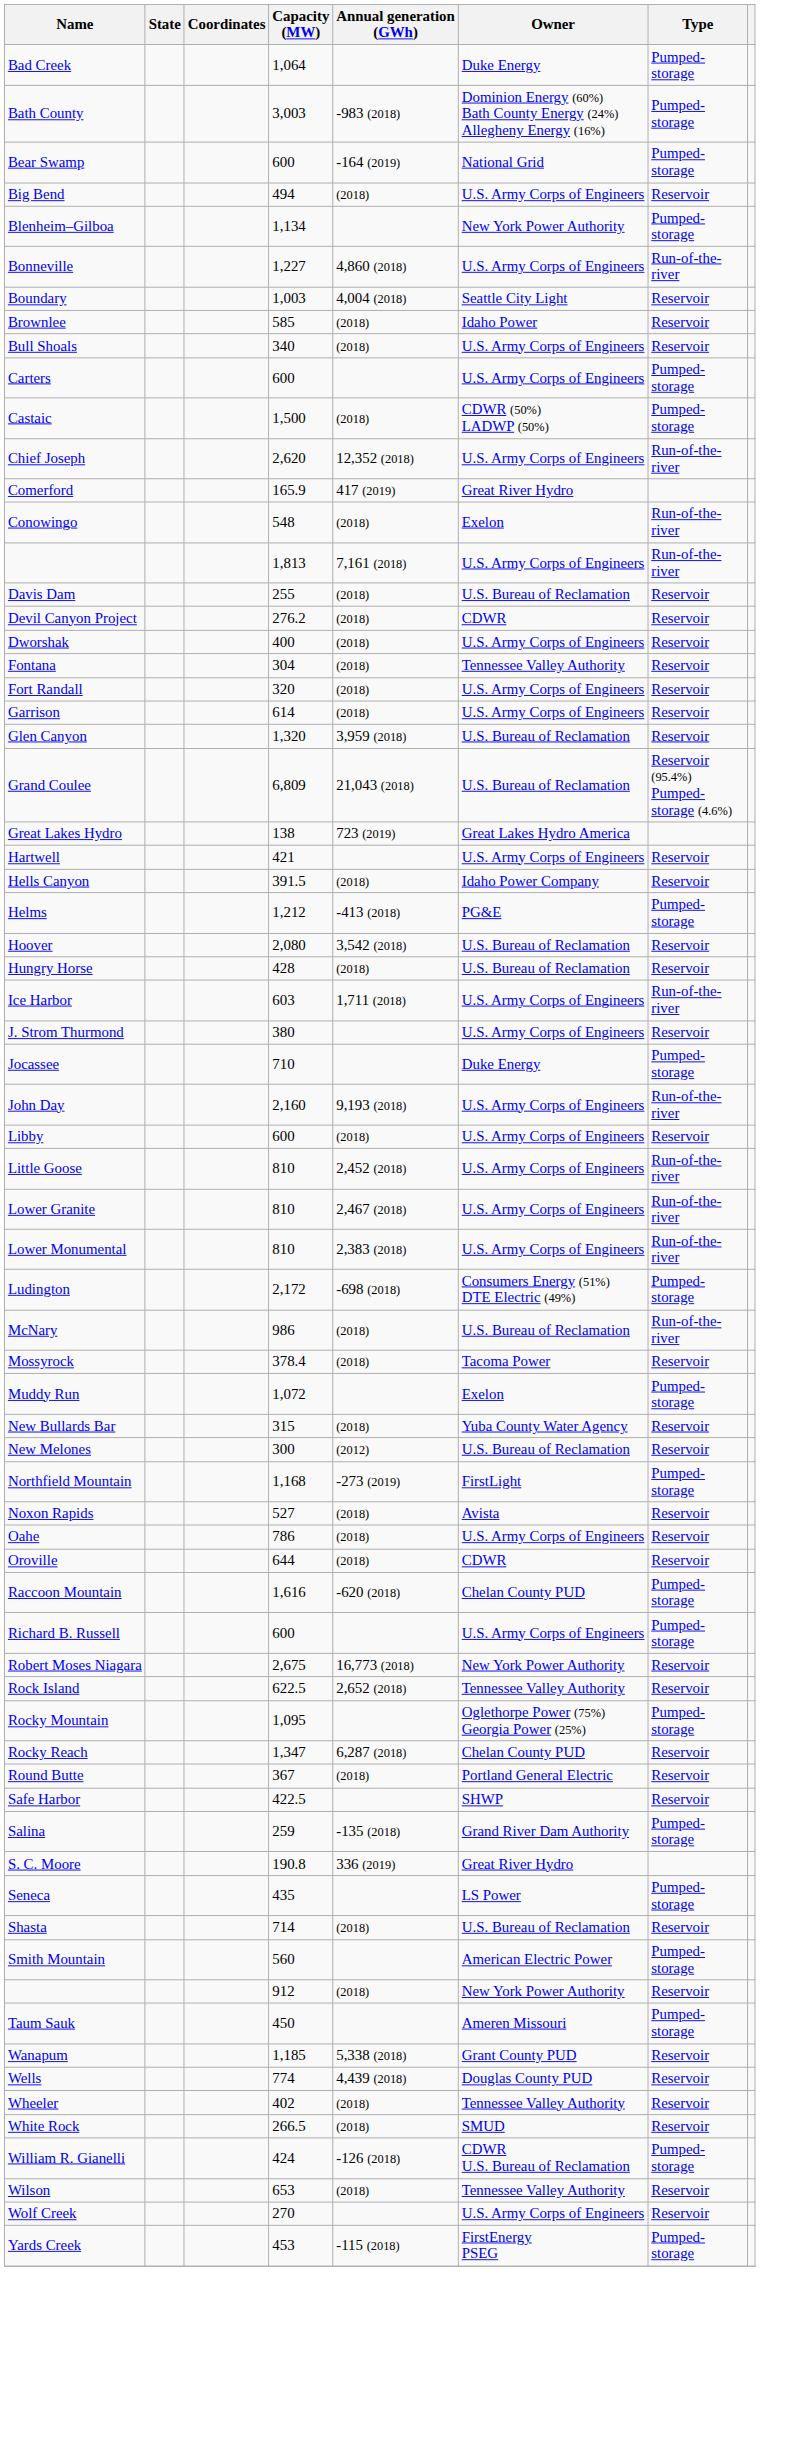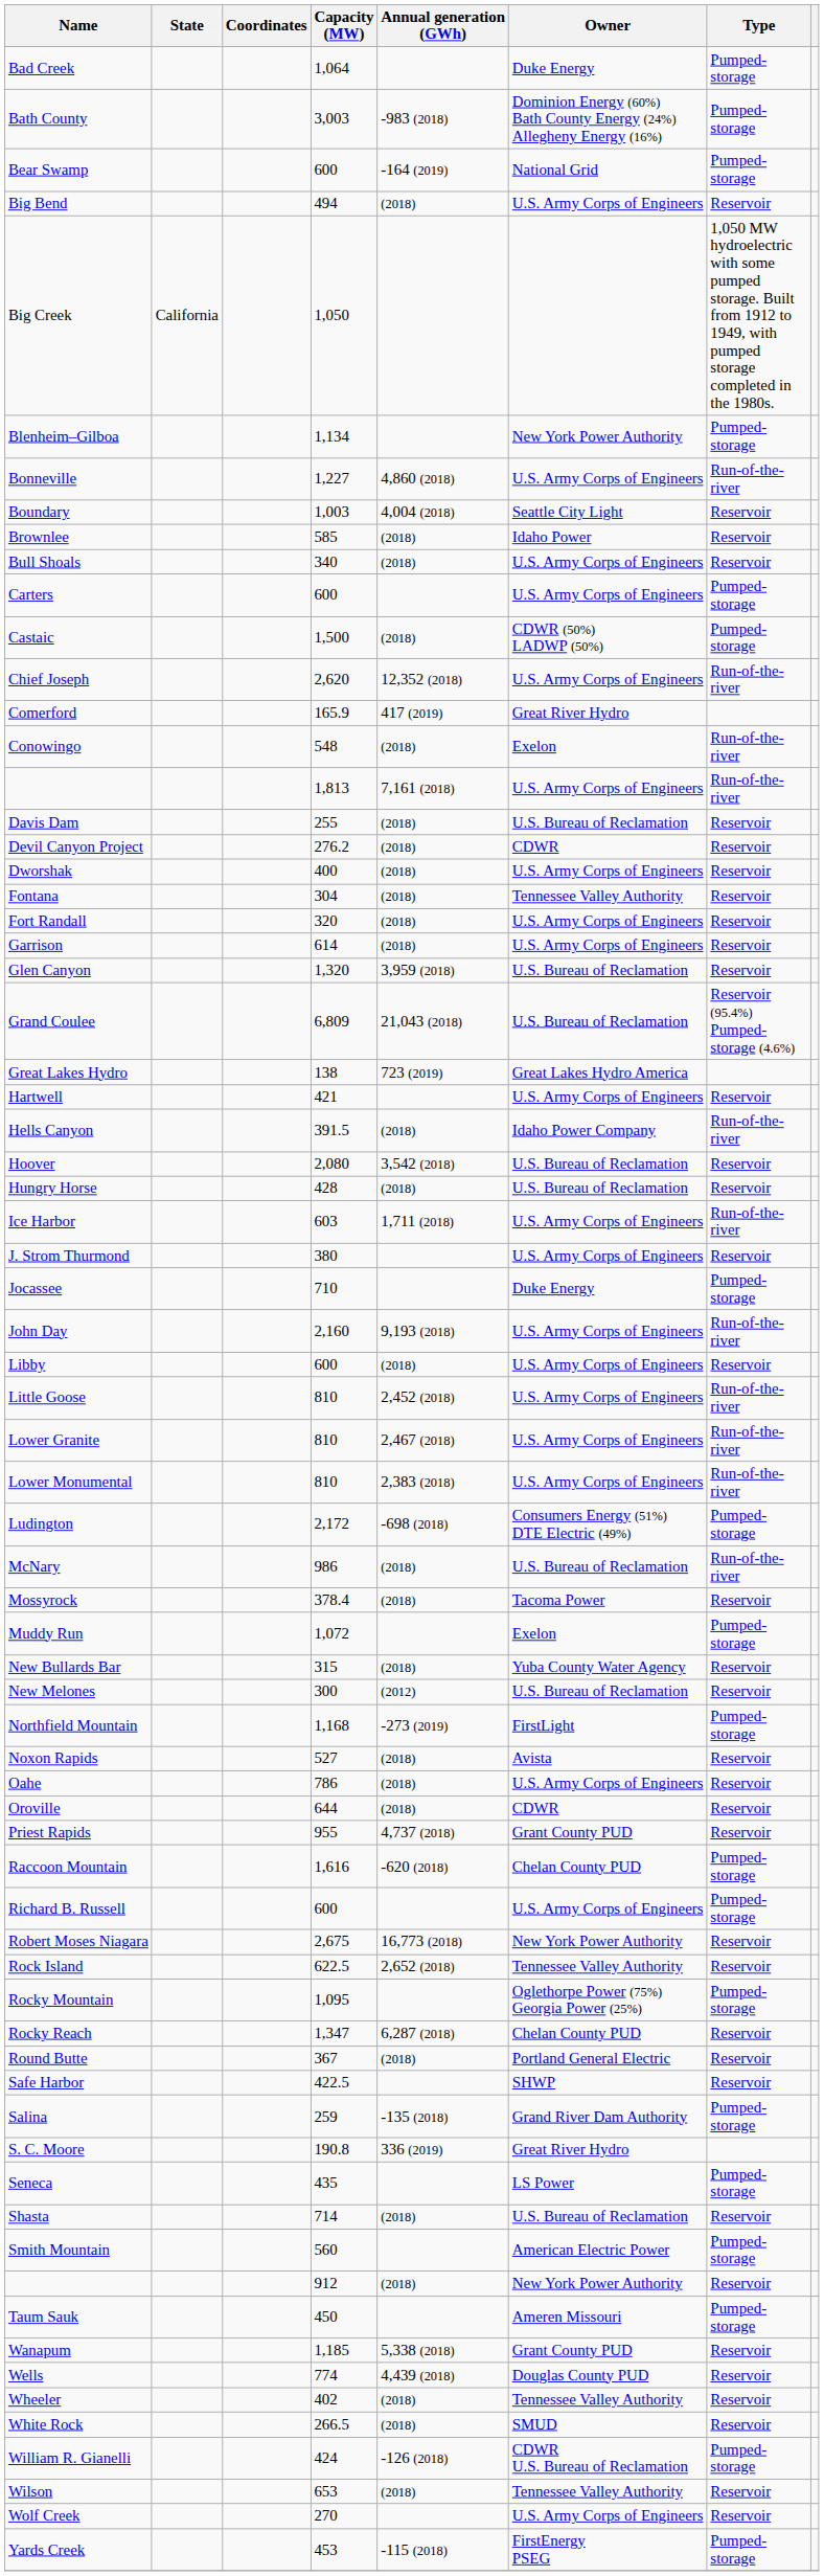 <table class="wikitable sortable">
 <tr>
 <th>Name</th>
 <th>State</th>
 <th>Coordinates</th>
 <th>Capacity<br>(<a href='#'>MW</a>)</th>
 <th>Annual generation<br>(<a href='#'>GWh</a>)</th>
 <th>Owner</th>
 <th style="width: 100px">Type</th>
 <th class="unsortable"></th>
 </tr>
 <tr>
 <td><a href='#'>Bad Creek</a></td>
 <td></td>
 <td></td>
 <td>1,064</td>
 <td></td>
 <td><a href='#'>Duke Energy</a></td>
 <td><a href='#'>Pumped-storage</a></td>
 <td></td>
 </tr>
 <tr>
 <td><a href='#'>Bath County</a></td>
 <td></td>
 <td></td>
 <td>3,003</td>
 <td>-983 <small>(2018)</small></td>
 <td><a href='#'>Dominion Energy</a> <small>(60%)</small><br><a href='#'>Bath County Energy</a> <small>(24%)</small><br><a href='#'>Allegheny Energy</a> <small>(16%)</small></td>
 <td><a href='#'>Pumped-storage</a></td>
 <td></td>
 </tr>
 <tr>
 <td><a href='#'>Bear Swamp</a></td>
 <td></td>
 <td></td>
 <td>600</td>
 <td>-164 <small>(2019)</small></td>
 <td><a href='#'>National Grid</a></td>
 <td><a href='#'>Pumped-storage</a></td>
 <td></td>
 </tr>
 <tr>
 <td><a href='#'>Big Bend</a></td>
 <td></td>
 <td></td>
 <td>494</td>
 <td> <small>(2018)</small></td>
 <td><a href='#'>U.S. Army Corps of Engineers</a></td>
 <td><a href='#'>Reservoir</a></td>
+<td></td>
+</tr>
+<tr>
+<td>Big Creek</td>
+<td>California</td>
+<td></td>
+<td>1,050</td>
+<td></td>
+<td></td>
+<td>1,050 MW hydroelectric with some pumped storage. Built from 1912 to 1949, with pumped storage completed in the 1980s.</td>
 <td></td>
 </tr>
 <tr>
 <td><a href='#'>Blenheim–Gilboa</a></td>
 <td></td>
 <td></td>
 <td>1,134</td>
 <td></td>
 <td><a href='#'>New York Power Authority</a></td>
 <td><a href='#'>Pumped-storage</a></td>
 <td></td>
 </tr>
 <tr>
 <td><a href='#'>Bonneville</a></td>
 <td><br></td>
 <td></td>
 <td>1,227</td>
 <td>4,860 <small>(2018)</small></td>
 <td><a href='#'>U.S. Army Corps of Engineers</a></td>
 <td><a href='#'>Run-of-the-river</a></td>
 <td></td>
 </tr>
 <tr>
 <td><a href='#'>Boundary</a></td>
 <td></td>
 <td></td>
 <td>1,003</td>
 <td>4,004 <small>(2018)</small></td>
 <td><a href='#'>Seattle City Light</a></td>
 <td><a href='#'>Reservoir</a></td>
 <td></td>
 </tr>
 <tr>
 <td><a href='#'>Brownlee</a></td>
 <td><br></td>
 <td></td>
 <td>585</td>
 <td> <small>(2018)</small></td>
 <td><a href='#'>Idaho Power</a></td>
 <td><a href='#'>Reservoir</a></td>
 <td></td>
 </tr>
 <tr>
 <td><a href='#'>Bull Shoals</a></td>
 <td></td>
 <td></td>
 <td>340</td>
 <td> <small>(2018)</small></td>
 <td><a href='#'>U.S. Army Corps of Engineers</a></td>
 <td><a href='#'>Reservoir</a></td>
 <td></td>
 </tr>
 <tr>
 <td><a href='#'>Carters</a></td>
 <td></td>
 <td></td>
 <td>600</td>
 <td></td>
 <td><a href='#'>U.S. Army Corps of Engineers</a></td>
 <td><a href='#'>Pumped-storage</a></td>
 <td></td>
 </tr>
 <tr>
 <td><a href='#'>Castaic</a></td>
 <td></td>
 <td></td>
 <td>1,500</td>
 <td> <small>(2018)</small></td>
 <td><a href='#'>CDWR</a> <small>(50%)</small><br><a href='#'>LADWP</a> <small>(50%)</small></td>
 <td><a href='#'>Pumped-storage</a></td>
 <td></td>
 </tr>
 <tr>
 <td><a href='#'>Chief Joseph</a></td>
 <td></td>
 <td></td>
 <td>2,620</td>
 <td>12,352 <small>(2018)</small></td>
 <td><a href='#'>U.S. Army Corps of Engineers</a></td>
 <td><a href='#'>Run-of-the-river</a></td>
 <td></td>
 </tr>
 <tr>
 <td><a href='#'>Comerford</a></td>
 <td></td>
 <td></td>
 <td>165.9</td>
 <td>417 <small>(2019)</small></td>
 <td><a href='#'>Great River Hydro</a></td>
 <td></td>
 <td></td>
 </tr>
 <tr>
 <td><a href='#'>Conowingo</a></td>
 <td></td>
 <td></td>
 <td>548</td>
 <td> <small>(2018)</small></td>
 <td><a href='#'>Exelon</a></td>
 <td><a href='#'>Run-of-the-river</a></td>
 <td></td>
 </tr>
 <tr>
 <td></td>
 <td><br></td>
 <td></td>
 <td>1,813</td>
 <td>7,161 <small>(2018)</small></td>
 <td><a href='#'>U.S. Army Corps of Engineers</a></td>
 <td><a href='#'>Run-of-the-river</a></td>
 <td></td>
 </tr>
 <tr>
 <td><a href='#'>Davis Dam</a></td>
 <td><br></td>
 <td></td>
 <td>255</td>
 <td> <small>(2018)</small></td>
 <td><a href='#'>U.S. Bureau of Reclamation</a></td>
 <td><a href='#'>Reservoir</a></td>
 <td></td>
 </tr>
 <tr>
 <td><a href='#'>Devil Canyon Project</a></td>
 <td></td>
 <td></td>
 <td>276.2</td>
 <td> <small>(2018)</small></td>
 <td><a href='#'>CDWR</a></td>
 <td><a href='#'>Reservoir</a></td>
 <td></td>
 </tr>
 <tr>
 <td><a href='#'>Dworshak</a></td>
 <td></td>
 <td></td>
 <td>400</td>
 <td> <small>(2018)</small></td>
 <td><a href='#'>U.S. Army Corps of Engineers</a></td>
 <td><a href='#'>Reservoir</a></td>
 <td></td>
 </tr>
 <tr>
 <td><a href='#'>Fontana</a></td>
 <td></td>
 <td></td>
 <td>304</td>
 <td> <small>(2018)</small></td>
 <td><a href='#'>Tennessee Valley Authority</a></td>
 <td><a href='#'>Reservoir</a></td>
 <td></td>
 </tr>
 <tr>
 <td><a href='#'>Fort Randall</a></td>
 <td></td>
 <td></td>
 <td>320</td>
 <td> <small>(2018)</small></td>
 <td><a href='#'>U.S. Army Corps of Engineers</a></td>
 <td><a href='#'>Reservoir</a></td>
 <td></td>
 </tr>
 <tr>
 <td><a href='#'>Garrison</a></td>
 <td></td>
 <td></td>
 <td>614</td>
 <td> <small>(2018)</small></td>
 <td><a href='#'>U.S. Army Corps of Engineers</a></td>
 <td><a href='#'>Reservoir</a></td>
 <td></td>
 </tr>
 <tr>
 <td><a href='#'>Glen Canyon</a></td>
 <td></td>
 <td></td>
 <td>1,320</td>
 <td>3,959 <small>(2018)</small></td>
 <td><a href='#'>U.S. Bureau of Reclamation</a></td>
 <td><a href='#'>Reservoir</a></td>
 <td></td>
 </tr>
 <tr>
 <td><a href='#'>Grand Coulee</a></td>
 <td></td>
 <td></td>
 <td>6,809</td>
 <td>21,043 <small>(2018)</small></td>
 <td><a href='#'>U.S. Bureau of Reclamation</a></td>
 <td><a href='#'>Reservoir</a> <small>(95.4%)</small><br><a href='#'>Pumped-storage</a> <small>(4.6%)</small></td>
 <td></td>
 </tr>
 <tr>
 <td><a href='#'>Great Lakes Hydro</a></td>
 <td></td>
 <td></td>
 <td>138</td>
 <td>723 <small>(2019)</small></td>
 <td><a href='#'>Great Lakes Hydro America</a></td>
 <td></td>
 <td></td>
 </tr>
 <tr>
 <td><a href='#'>Hartwell</a></td>
 <td></td>
 <td></td>
 <td>421</td>
 <td></td>
 <td><a href='#'>U.S. Army Corps of Engineers</a></td>
 <td><a href='#'>Reservoir</a></td>
 <td></td>
 </tr>
 <tr>
 <td><a href='#'>Hells Canyon</a></td>
 <td><br></td>
 <td></td>
 <td>391.5</td>
 <td> <small>(2018)</small></td>
 <td><a href='#'>Idaho Power Company</a></td>
-<td><a href='#'>Reservoir</a></td>
-<td></td>
-</tr>
-<tr>
-<td><a href='#'>Helms</a></td>
-<td></td>
-<td></td>
-<td>1,212</td>
-<td>-413 <small>(2018)</small></td>
-<td><a href='#'>PG&E</a></td>
-<td><a href='#'>Pumped-storage</a></td>
+<td><a href='#'>Run-of-the-river</a></td>
 <td></td>
 </tr>
 <tr>
 <td><a href='#'>Hoover</a></td>
 <td><br></td>
 <td></td>
 <td>2,080</td>
 <td>3,542 <small>(2018)</small></td>
 <td><a href='#'>U.S. Bureau of Reclamation</a></td>
 <td><a href='#'>Reservoir</a></td>
 <td></td>
 </tr>
 <tr>
 <td><a href='#'>Hungry Horse</a></td>
 <td></td>
 <td></td>
 <td>428</td>
 <td> <small>(2018)</small></td>
 <td><a href='#'>U.S. Bureau of Reclamation</a></td>
 <td><a href='#'>Reservoir</a></td>
 <td></td>
 </tr>
 <tr>
 <td><a href='#'>Ice Harbor</a></td>
 <td></td>
 <td></td>
 <td>603</td>
 <td>1,711 <small>(2018)</small></td>
 <td><a href='#'>U.S. Army Corps of Engineers</a></td>
 <td><a href='#'>Run-of-the-river</a></td>
 <td></td>
 </tr>
 <tr>
 <td><a href='#'>J. Strom Thurmond</a></td>
 <td></td>
 <td></td>
 <td>380</td>
 <td></td>
 <td><a href='#'>U.S. Army Corps of Engineers</a></td>
 <td><a href='#'>Reservoir</a></td>
 <td></td>
 </tr>
 <tr>
 <td><a href='#'>Jocassee</a></td>
 <td></td>
 <td></td>
 <td>710</td>
 <td></td>
 <td><a href='#'>Duke Energy</a></td>
 <td><a href='#'>Pumped-storage</a></td>
 <td></td>
 </tr>
 <tr>
 <td><a href='#'>John Day</a></td>
 <td><br></td>
 <td></td>
 <td>2,160</td>
 <td>9,193 <small>(2018)</small></td>
 <td><a href='#'>U.S. Army Corps of Engineers</a></td>
 <td><a href='#'>Run-of-the-river</a></td>
 <td></td>
 </tr>
 <tr>
 <td><a href='#'>Libby</a></td>
 <td></td>
 <td></td>
 <td>600</td>
 <td> <small>(2018)</small></td>
 <td><a href='#'>U.S. Army Corps of Engineers</a></td>
 <td><a href='#'>Reservoir</a></td>
 <td></td>
 </tr>
 <tr>
 <td><a href='#'>Little Goose</a></td>
 <td></td>
 <td></td>
 <td>810</td>
 <td>2,452 <small>(2018)</small></td>
 <td><a href='#'>U.S. Army Corps of Engineers</a></td>
 <td><a href='#'>Run-of-the-river</a></td>
 <td></td>
 </tr>
 <tr>
 <td><a href='#'>Lower Granite</a></td>
 <td></td>
 <td></td>
 <td>810</td>
 <td>2,467 <small>(2018)</small></td>
 <td><a href='#'>U.S. Army Corps of Engineers</a></td>
 <td><a href='#'>Run-of-the-river</a></td>
 <td></td>
 </tr>
 <tr>
 <td><a href='#'>Lower Monumental</a></td>
 <td></td>
 <td></td>
 <td>810</td>
 <td>2,383 <small>(2018)</small></td>
 <td><a href='#'>U.S. Army Corps of Engineers</a></td>
 <td><a href='#'>Run-of-the-river</a></td>
 <td></td>
 </tr>
 <tr>
 <td><a href='#'>Ludington</a></td>
 <td></td>
 <td></td>
 <td>2,172</td>
 <td>-698 <small>(2018)</small></td>
 <td><a href='#'>Consumers Energy</a> <small>(51%)</small><br><a href='#'>DTE Electric</a> <small>(49%)</small></td>
 <td><a href='#'>Pumped-storage</a></td>
 <td></td>
 </tr>
 <tr>
 <td><a href='#'>McNary</a></td>
 <td><br></td>
 <td></td>
 <td>986</td>
 <td> <small>(2018)</small></td>
 <td><a href='#'>U.S. Bureau of Reclamation</a></td>
 <td><a href='#'>Run-of-the-river</a></td>
 <td></td>
 </tr>
 <tr>
 <td><a href='#'>Mossyrock</a></td>
 <td></td>
 <td></td>
 <td>378.4</td>
 <td> <small>(2018)</small></td>
 <td><a href='#'>Tacoma Power</a></td>
 <td><a href='#'>Reservoir</a></td>
 <td></td>
 </tr>
 <tr>
 <td><a href='#'>Muddy Run</a></td>
 <td></td>
 <td></td>
 <td>1,072</td>
 <td></td>
 <td><a href='#'>Exelon</a></td>
 <td><a href='#'>Pumped-storage</a></td>
 <td></td>
 </tr>
 <tr>
 <td><a href='#'>New Bullards Bar</a></td>
 <td></td>
 <td></td>
 <td>315</td>
 <td> <small>(2018)</small></td>
 <td><a href='#'>Yuba County Water Agency</a></td>
 <td><a href='#'>Reservoir</a></td>
 <td></td>
 </tr>
 <tr>
 <td><a href='#'>New Melones</a></td>
 <td></td>
 <td></td>
 <td>300</td>
 <td> <small>(2012)</small></td>
 <td><a href='#'>U.S. Bureau of Reclamation</a></td>
 <td><a href='#'>Reservoir</a></td>
 <td></td>
 </tr>
 <tr>
 <td><a href='#'>Northfield Mountain</a></td>
 <td></td>
 <td></td>
 <td>1,168</td>
 <td>-273 <small>(2019)</small></td>
 <td><a href='#'>FirstLight</a></td>
 <td><a href='#'>Pumped-storage</a></td>
 <td></td>
 </tr>
 <tr>
 <td><a href='#'>Noxon Rapids</a></td>
 <td></td>
 <td></td>
 <td>527</td>
 <td> <small>(2018)</small></td>
 <td><a href='#'>Avista</a></td>
 <td><a href='#'>Reservoir</a></td>
 <td></td>
 </tr>
 <tr>
 <td><a href='#'>Oahe</a></td>
 <td></td>
 <td></td>
 <td>786</td>
 <td> <small>(2018)</small></td>
 <td><a href='#'>U.S. Army Corps of Engineers</a></td>
 <td><a href='#'>Reservoir</a></td>
 <td></td>
 </tr>
 <tr>
 <td><a href='#'>Oroville</a></td>
 <td></td>
 <td></td>
 <td>644</td>
 <td> <small>(2018)</small></td>
 <td><a href='#'>CDWR</a></td>
+<td><a href='#'>Reservoir</a></td>
+<td></td>
+</tr>
+<tr>
+<td><a href='#'>Priest Rapids</a></td>
+<td></td>
+<td></td>
+<td>955</td>
+<td>4,737 <small>(2018)</small></td>
+<td><a href='#'>Grant County PUD</a></td>
 <td><a href='#'>Reservoir</a></td>
 <td></td>
 </tr>
 <tr>
 <td><a href='#'>Raccoon Mountain</a></td>
 <td></td>
 <td></td>
 <td>1,616</td>
 <td>-620 <small>(2018)</small></td>
 <td><a href='#'>Chelan County PUD</a></td>
 <td><a href='#'>Pumped-storage</a></td>
 <td></td>
 </tr>
 <tr>
 <td><a href='#'>Richard B. Russell</a></td>
 <td><br></td>
 <td></td>
 <td>600</td>
 <td></td>
 <td><a href='#'>U.S. Army Corps of Engineers</a></td>
 <td><a href='#'>Pumped-storage</a></td>
 <td></td>
 </tr>
 <tr>
 <td><a href='#'>Robert Moses Niagara</a></td>
 <td></td>
 <td></td>
 <td>2,675</td>
 <td>16,773 <small>(2018)</small></td>
 <td><a href='#'>New York Power Authority</a></td>
 <td><a href='#'>Reservoir</a></td>
 <td></td>
 </tr>
 <tr>
 <td><a href='#'>Rock Island</a></td>
 <td></td>
 <td></td>
 <td>622.5</td>
 <td>2,652 <small>(2018)</small></td>
 <td><a href='#'>Tennessee Valley Authority</a></td>
 <td><a href='#'>Reservoir</a></td>
 <td></td>
 </tr>
 <tr>
 <td><a href='#'>Rocky Mountain</a></td>
 <td></td>
 <td></td>
 <td>1,095</td>
 <td></td>
 <td><a href='#'>Oglethorpe Power</a> <small>(75%)</small><br><a href='#'>Georgia Power</a> <small>(25%)</small></td>
 <td><a href='#'>Pumped-storage</a></td>
 <td></td>
 </tr>
 <tr>
 <td><a href='#'>Rocky Reach</a></td>
 <td></td>
 <td></td>
 <td>1,347</td>
 <td>6,287 <small>(2018)</small></td>
 <td><a href='#'>Chelan County PUD</a></td>
 <td><a href='#'>Reservoir</a></td>
 <td></td>
 </tr>
 <tr>
 <td><a href='#'>Round Butte</a></td>
 <td></td>
 <td></td>
 <td>367</td>
 <td> <small>(2018)</small></td>
 <td><a href='#'>Portland General Electric</a></td>
 <td><a href='#'>Reservoir</a></td>
 <td></td>
 </tr>
 <tr>
 <td><a href='#'>Safe Harbor</a></td>
 <td></td>
 <td></td>
 <td>422.5</td>
 <td></td>
 <td><a href='#'>SHWP</a></td>
 <td><a href='#'>Reservoir</a></td>
 <td></td>
 </tr>
 <tr>
 <td><a href='#'>Salina</a></td>
 <td></td>
 <td></td>
 <td>259</td>
 <td>-135 <small>(2018)</small></td>
 <td><a href='#'>Grand River Dam Authority</a></td>
 <td><a href='#'>Pumped-storage</a></td>
 <td></td>
 </tr>
 <tr>
 <td><a href='#'>S. C. Moore</a></td>
 <td></td>
 <td></td>
 <td>190.8</td>
 <td>336 <small>(2019)</small></td>
 <td><a href='#'>Great River Hydro</a></td>
 <td></td>
 <td></td>
 </tr>
 <tr>
 <td><a href='#'>Seneca</a></td>
 <td></td>
 <td></td>
 <td>435</td>
 <td></td>
 <td><a href='#'>LS Power</a></td>
 <td><a href='#'>Pumped-storage</a></td>
 <td></td>
 </tr>
 <tr>
 <td><a href='#'>Shasta</a></td>
 <td></td>
 <td></td>
 <td>714</td>
 <td> <small>(2018)</small></td>
 <td><a href='#'>U.S. Bureau of Reclamation</a></td>
 <td><a href='#'>Reservoir</a></td>
 <td></td>
 </tr>
 <tr>
 <td><a href='#'>Smith Mountain</a></td>
 <td></td>
 <td></td>
 <td>560</td>
 <td></td>
 <td><a href='#'>American Electric Power</a></td>
 <td><a href='#'>Pumped-storage</a></td>
 <td></td>
 </tr>
 <tr>
 <td></td>
 <td></td>
 <td></td>
 <td>912</td>
 <td> <small>(2018)</small></td>
 <td><a href='#'>New York Power Authority</a></td>
 <td><a href='#'>Reservoir</a></td>
 <td></td>
 </tr>
 <tr>
 <td><a href='#'>Taum Sauk</a></td>
 <td></td>
 <td></td>
 <td>450</td>
 <td></td>
 <td><a href='#'>Ameren Missouri</a></td>
 <td><a href='#'>Pumped-storage</a></td>
 <td></td>
 </tr>
 <tr>
 <td><a href='#'>Wanapum</a></td>
 <td></td>
 <td></td>
 <td>1,185</td>
 <td>5,338 <small>(2018)</small></td>
 <td><a href='#'>Grant County PUD</a></td>
 <td><a href='#'>Reservoir</a></td>
 <td></td>
 </tr>
 <tr>
 <td><a href='#'>Wells</a></td>
 <td></td>
 <td></td>
 <td>774</td>
 <td>4,439 <small>(2018)</small></td>
 <td><a href='#'>Douglas County PUD</a></td>
 <td><a href='#'>Reservoir</a></td>
 <td></td>
 </tr>
 <tr>
 <td><a href='#'>Wheeler</a></td>
 <td></td>
 <td></td>
 <td>402</td>
 <td> <small>(2018)</small></td>
 <td><a href='#'>Tennessee Valley Authority</a></td>
 <td><a href='#'>Reservoir</a></td>
 <td></td>
 </tr>
 <tr>
 <td><a href='#'>White Rock</a></td>
 <td></td>
 <td></td>
 <td>266.5</td>
 <td> <small>(2018)</small></td>
 <td><a href='#'>SMUD</a></td>
 <td><a href='#'>Reservoir</a></td>
 <td></td>
 </tr>
 <tr>
 <td><a href='#'>William R. Gianelli</a></td>
 <td></td>
 <td></td>
 <td>424</td>
 <td>-126 <small>(2018)</small></td>
 <td><a href='#'>CDWR</a><br><a href='#'>U.S. Bureau of Reclamation</a></td>
 <td><a href='#'>Pumped-storage</a></td>
 <td></td>
 </tr>
 <tr>
 <td><a href='#'>Wilson</a></td>
 <td></td>
 <td></td>
 <td>653</td>
 <td> <small>(2018)</small></td>
 <td><a href='#'>Tennessee Valley Authority</a></td>
 <td><a href='#'>Reservoir</a></td>
 <td></td>
 </tr>
 <tr>
 <td><a href='#'>Wolf Creek</a></td>
 <td></td>
 <td></td>
 <td>270</td>
 <td></td>
 <td><a href='#'>U.S. Army Corps of Engineers</a></td>
 <td><a href='#'>Reservoir</a></td>
 <td></td>
 </tr>
 <tr>
 <td><a href='#'>Yards Creek</a></td>
 <td></td>
 <td></td>
 <td>453</td>
 <td>-115 <small>(2018)</small></td>
 <td><a href='#'>FirstEnergy</a><br><a href='#'>PSEG</a></td>
 <td><a href='#'>Pumped-storage</a></td>
 <td></td>
 </tr>
 <tr>
 </tr>
 </table>
